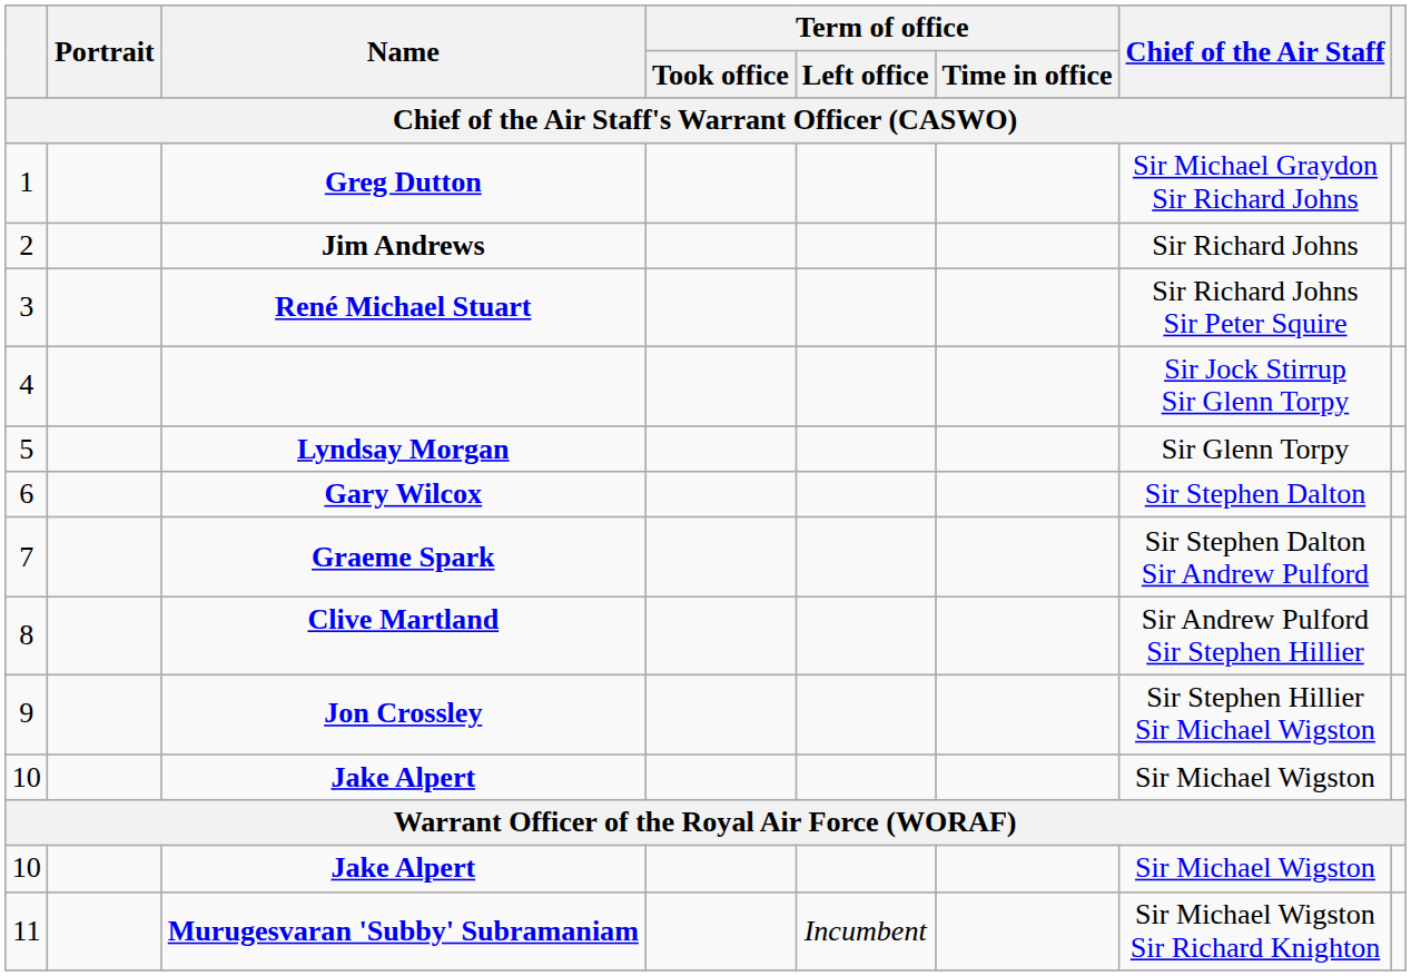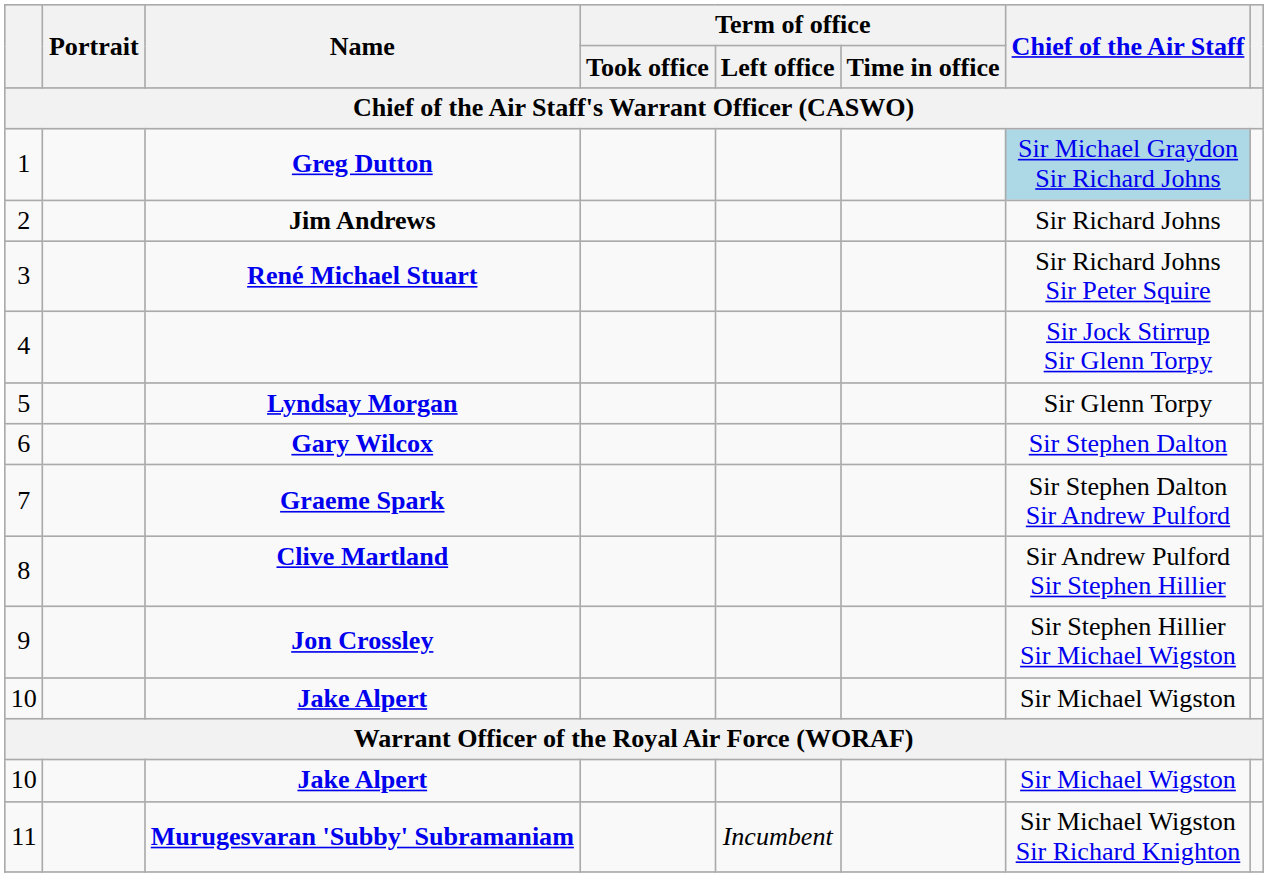 <table class="wikitable" style="text-align:center">
 <tr>
 <th rowspan=2></th>
 <th rowspan=2>Portrait</th>
 <th rowspan=2>Name<br></th>
 <th colspan=3>Term of office</th>
 <th rowspan=2><a href='#'>Chief of the Air Staff</a></th>
 <th rowspan=2></th>
 </tr>
 <tr>
 <th>Took office</th>
 <th>Left office</th>
 <th>Time in office</th>
 </tr>
 <tr>
 <th colspan=8>Chief of the Air Staff's Warrant Officer (CASWO)</th>
 </tr>
 <tr>
 <td>1</td>
 <td></td>
 <td><strong><a href='#'>Greg Dutton</a></strong><br></td>
 <td></td>
 <td></td>
 <td></td>
-<td><a href='#'>Sir Michael Graydon</a><br><a href='#'>Sir Richard Johns</a></td>
+<td style="background: lightblue;"><a href='#'>Sir Michael Graydon</a><br><a href='#'>Sir Richard Johns</a></td>
 <td></td>
 </tr>
 <tr>
 <td>2</td>
 <td></td>
 <td><strong>Jim Andrews</strong><br></td>
 <td></td>
 <td></td>
 <td></td>
 <td>Sir Richard Johns</td>
 <td></td>
 </tr>
 <tr>
 <td>3</td>
 <td></td>
 <td><strong><a href='#'>René Michael Stuart</a></strong><br></td>
 <td></td>
 <td></td>
 <td></td>
 <td>Sir Richard Johns<br><a href='#'>Sir Peter Squire</a></td>
 <td></td>
 </tr>
 <tr>
 <td>4</td>
 <td></td>
 <td><br></td>
 <td></td>
 <td></td>
 <td></td>
 <td><a href='#'>Sir Jock Stirrup</a><br><a href='#'>Sir Glenn Torpy</a></td>
 <td></td>
 </tr>
 <tr>
 <td>5</td>
 <td></td>
 <td><strong><a href='#'>Lyndsay Morgan</a></strong><br></td>
 <td></td>
 <td></td>
 <td></td>
 <td>Sir Glenn Torpy</td>
 <td></td>
 </tr>
 <tr>
 <td>6</td>
 <td></td>
 <td><strong><a href='#'>Gary Wilcox</a></strong><br></td>
 <td></td>
 <td></td>
 <td></td>
 <td><a href='#'>Sir Stephen Dalton</a></td>
 <td></td>
 </tr>
 <tr>
 <td>7</td>
 <td></td>
 <td><strong><a href='#'>Graeme Spark</a></strong><br></td>
 <td></td>
 <td></td>
 <td></td>
 <td>Sir Stephen Dalton<br><a href='#'>Sir Andrew Pulford</a></td>
 <td></td>
 </tr>
 <tr>
 <td>8</td>
 <td></td>
 <td><strong><a href='#'>Clive Martland</a></strong><br><br></td>
 <td></td>
 <td></td>
 <td></td>
 <td>Sir Andrew Pulford<br><a href='#'>Sir Stephen Hillier</a></td>
 <td></td>
 </tr>
 <tr>
 <td>9</td>
 <td></td>
 <td><strong><a href='#'>Jon Crossley</a></strong></td>
 <td></td>
 <td></td>
 <td></td>
 <td>Sir Stephen Hillier<br><a href='#'>Sir Michael Wigston</a></td>
 <td></td>
 </tr>
 <tr>
 <td>10</td>
 <td></td>
 <td><strong><a href='#'>Jake Alpert</a></strong><br></td>
 <td></td>
 <td></td>
 <td></td>
 <td>Sir Michael Wigston</td>
 <td></td>
 </tr>
 <tr>
 <th colspan=8 align=center>Warrant Officer of the Royal Air Force (WORAF)</th>
 </tr>
 <tr>
 <td>10</td>
 <td></td>
 <td><strong><a href='#'>Jake Alpert</a></strong><br></td>
 <td></td>
 <td></td>
 <td></td>
 <td><a href='#'>Sir Michael Wigston</a></td>
 <td></td>
 </tr>
 <tr>
 <td>11</td>
 <td></td>
 <td><strong><a href='#'>Murugesvaran 'Subby' Subramaniam</a></strong></td>
 <td></td>
 <td><em>Incumbent</em></td>
 <td></td>
 <td>Sir Michael Wigston<br><a href='#'>Sir Richard Knighton</a></td>
 <td></td>
 </tr>
 </table>
